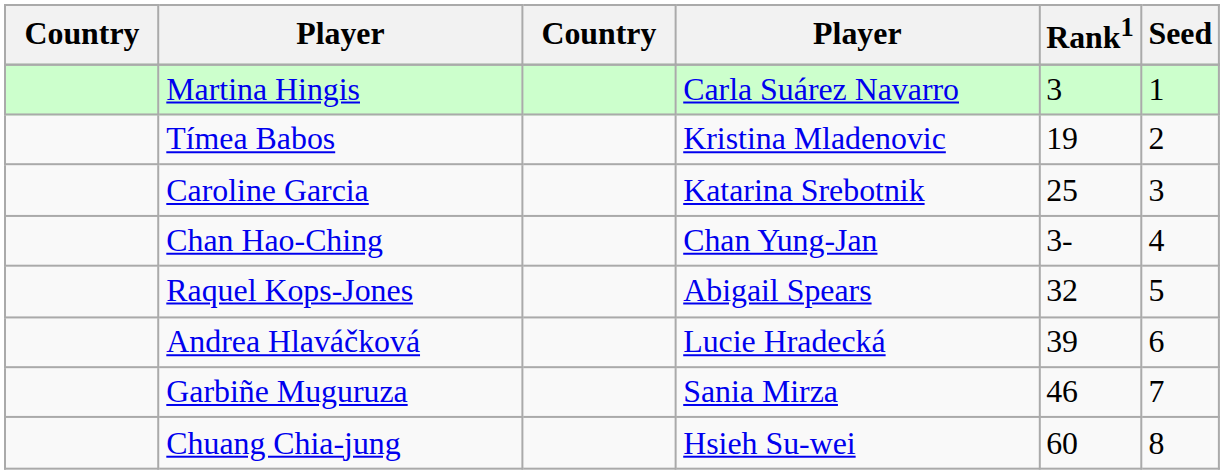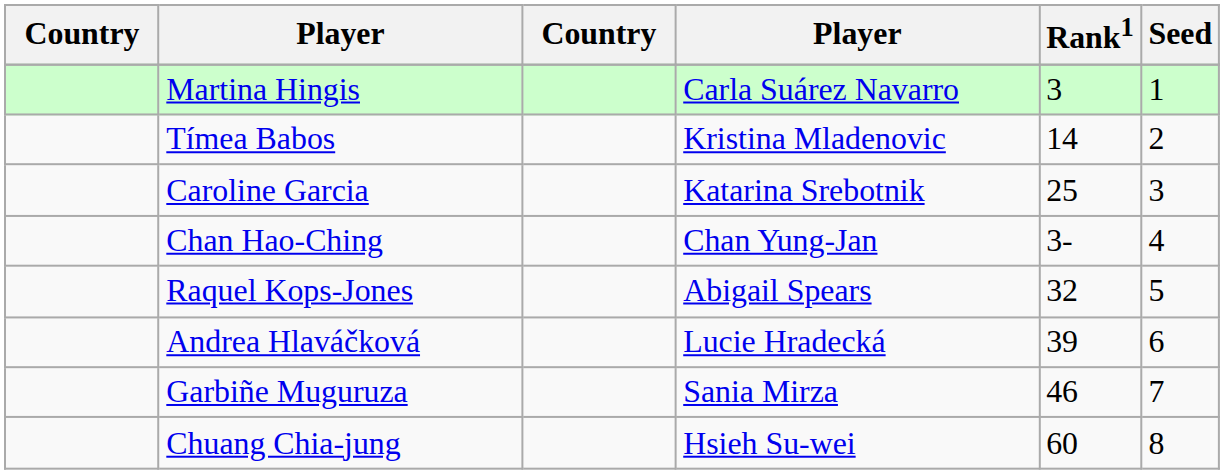 <table class="sortable wikitable">
 <tr>
 <th width="70">Country</th>
 <th width="175">Player</th>
 <th width="70">Country</th>
 <th width="175">Player</th>
 <th>Rank<sup>1</sup></th>
 <th>Seed</th>
 </tr>
 <tr style="background:#cfc;#">
 </tr>
 <tr style="background:#cfc;#">
 <td></td>
 <td><a href='#'>Martina Hingis</a></td>
 <td></td>
 <td><a href='#'>Carla Suárez Navarro</a></td>
 <td>3</td>
 <td>1</td>
 </tr>
 <tr>
 <td></td>
 <td><a href='#'>Tímea Babos</a></td>
 <td></td>
 <td><a href='#'>Kristina Mladenovic</a></td>
-<td>19</td>
+<td>14</td>
 <td>2</td>
 </tr>
 <tr>
 <td></td>
 <td><a href='#'>Caroline Garcia</a></td>
 <td></td>
 <td><a href='#'>Katarina Srebotnik</a></td>
 <td>25</td>
 <td>3</td>
 </tr>
 <tr>
 <td></td>
 <td><a href='#'>Chan Hao-Ching</a></td>
 <td></td>
 <td><a href='#'>Chan Yung-Jan</a></td>
 <td>3-</td>
 <td>4</td>
 </tr>
 <tr>
 <td></td>
 <td><a href='#'>Raquel Kops-Jones</a></td>
 <td></td>
 <td><a href='#'>Abigail Spears</a></td>
 <td>32</td>
 <td>5</td>
 </tr>
 <tr>
 <td></td>
 <td><a href='#'>Andrea Hlaváčková</a></td>
 <td></td>
 <td><a href='#'>Lucie Hradecká</a></td>
 <td>39</td>
 <td>6</td>
 </tr>
 <tr>
 <td></td>
 <td><a href='#'>Garbiñe Muguruza</a></td>
 <td></td>
 <td><a href='#'>Sania Mirza</a></td>
 <td>46</td>
 <td>7</td>
 </tr>
 <tr>
 <td></td>
 <td><a href='#'>Chuang Chia-jung</a></td>
 <td></td>
 <td><a href='#'>Hsieh Su-wei</a></td>
 <td>60</td>
 <td>8</td>
 </tr>
 </table>
